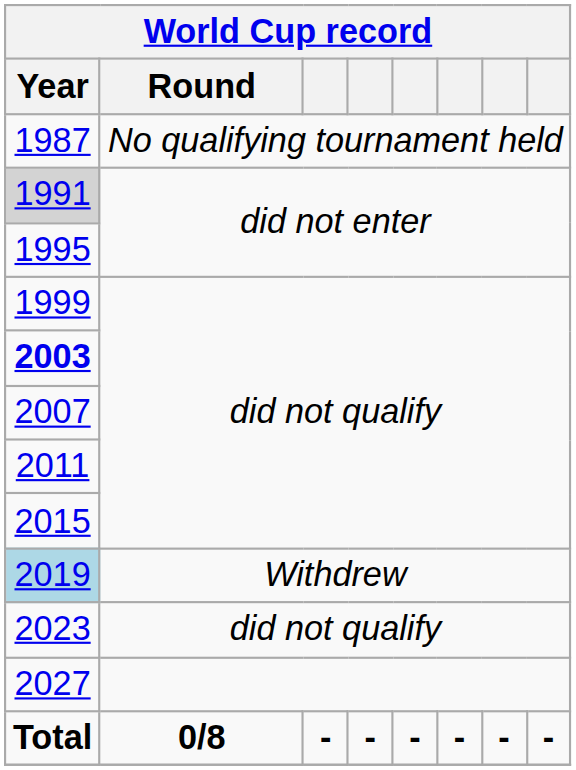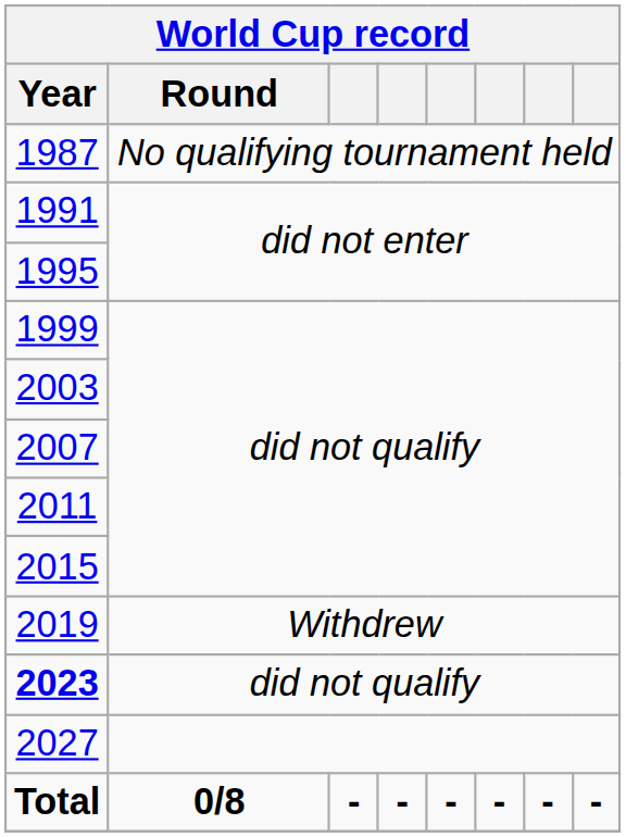 <table class="wikitable" style="text-align: center;">
 <tr>
 <th colspan=8><a href='#'>World Cup record</a></th>
 </tr>
 <tr>
 <th>Year</th>
 <th>Round</th>
 <th></th>
 <th></th>
 <th></th>
 <th></th>
 <th></th>
 <th></th>
 </tr>
 <tr>
 <td> <a href='#'>1987</a></td>
 <td Colspan=8><em>No qualifying tournament held</em></td>
 </tr>
 <tr>
-<td style="background: lightgrey;"> <a href='#'>1991</a></td>
+<td> <a href='#'>1991</a></td>
 <td Rowspan=2 Colspan=8><em>did not enter</em></td>
 </tr>
 <tr>
 <td> <a href='#'>1995</a></td>
 </tr>
 <tr>
 <td> <a href='#'>1999</a></td>
 <td Rowspan=5 Colspan=8><em>did not qualify</em></td>
 </tr>
 <tr>
-<td><strong> <a href='#'>2003</a></strong></td>
+<td> <a href='#'>2003</a></td>
 </tr>
 <tr>
 <td> <a href='#'>2007</a></td>
 </tr>
 <tr>
 <td> <a href='#'>2011</a></td>
 </tr>
 <tr>
 <td> <a href='#'>2015</a></td>
 </tr>
 <tr>
-<td style="background: lightblue;"> <a href='#'>2019</a></td>
+<td> <a href='#'>2019</a></td>
 <td Colspan=8><em>Withdrew</em></td>
 </tr>
 <tr>
-<td> <a href='#'>2023</a></td>
+<td><strong> <a href='#'>2023</a></strong></td>
 <td Rowspan=1 Colspan=8><em>did not qualify</em></td>
 </tr>
 <tr>
 <td> <a href='#'>2027</a></td>
 </tr>
 <tr>
 <td><strong>Total</strong></td>
 <td><strong>0/8</strong></td>
 <td><strong>-</strong></td>
 <td><strong>-</strong></td>
 <td><strong>-</strong></td>
 <td><strong>-</strong></td>
 <td><strong>-</strong></td>
 <td><strong>-</strong></td>
 </tr>
 <tr>
 </tr>
 </table>
